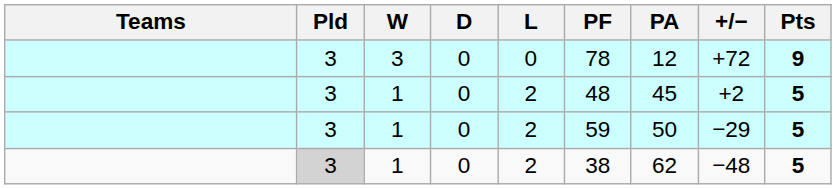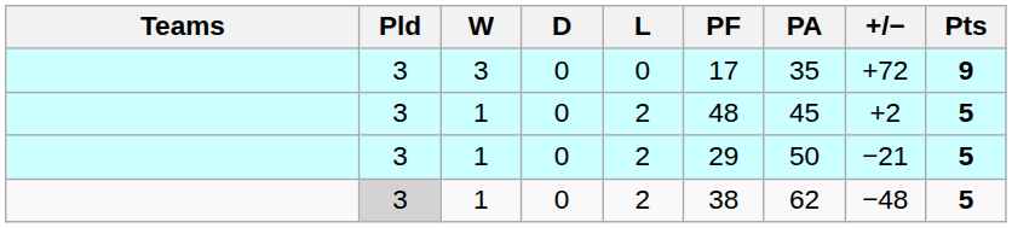 <table class="wikitable" style="text-align: center;">
 <tr>
 <th width="200">Teams</th>
 <th width="40">Pld</th>
 <th width="40">W</th>
 <th width="40">D</th>
 <th width="40">L</th>
 <th width="40">PF</th>
 <th width="40">PA</th>
 <th width="40">+/−</th>
 <th width="40">Pts</th>
 </tr>
 <tr bgcolor=ccffff>
 <td align=left></td>
 <td>3</td>
 <td>3</td>
 <td>0</td>
 <td>0</td>
-<td>78</td>
-<td>12</td>
+<td>17</td>
+<td>35</td>
 <td>+72</td>
 <td><strong>9</strong></td>
 </tr>
 <tr bgcolor=ccffff>
 <td align=left></td>
 <td>3</td>
 <td>1</td>
 <td>0</td>
 <td>2</td>
 <td>48</td>
 <td>45</td>
 <td>+2</td>
 <td><strong>5</strong></td>
 </tr>
 <tr bgcolor=ccffff>
 <td align=left></td>
 <td>3</td>
 <td>1</td>
 <td>0</td>
 <td>2</td>
-<td>59</td>
+<td>29</td>
 <td>50</td>
-<td>−29</td>
+<td>−21</td>
 <td><strong>5</strong></td>
 </tr>
 <tr>
 <td align=left></td>
 <td style="background: lightgrey;">3</td>
 <td>1</td>
 <td>0</td>
 <td>2</td>
 <td>38</td>
 <td>62</td>
 <td>−48</td>
 <td><strong>5</strong></td>
 </tr>
 </table>
